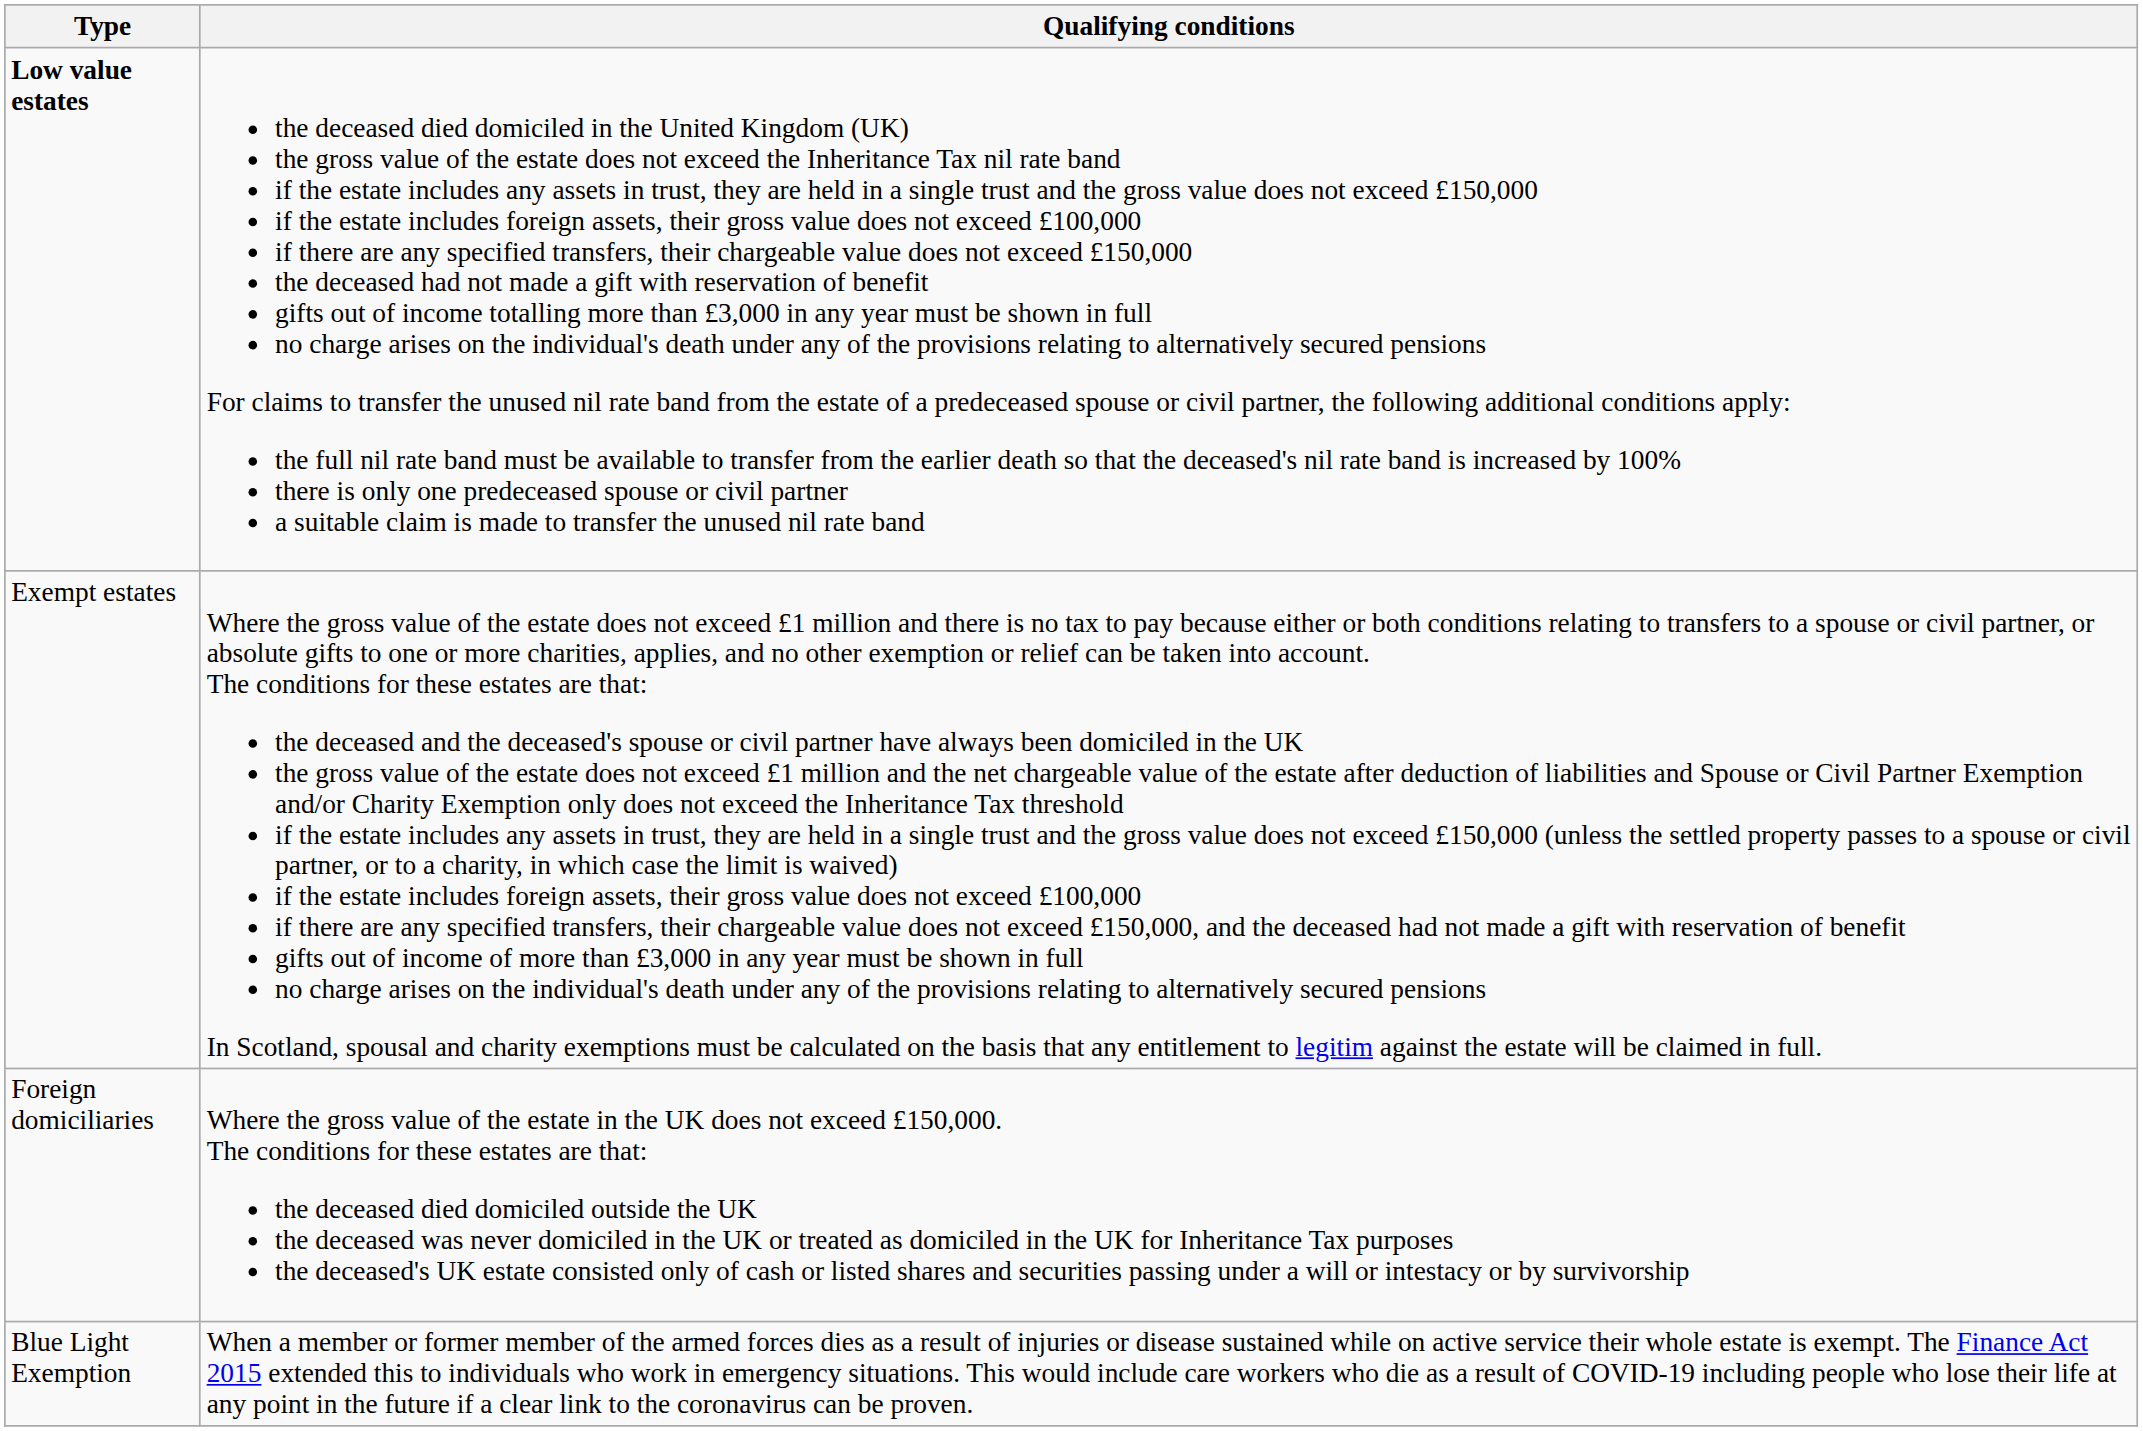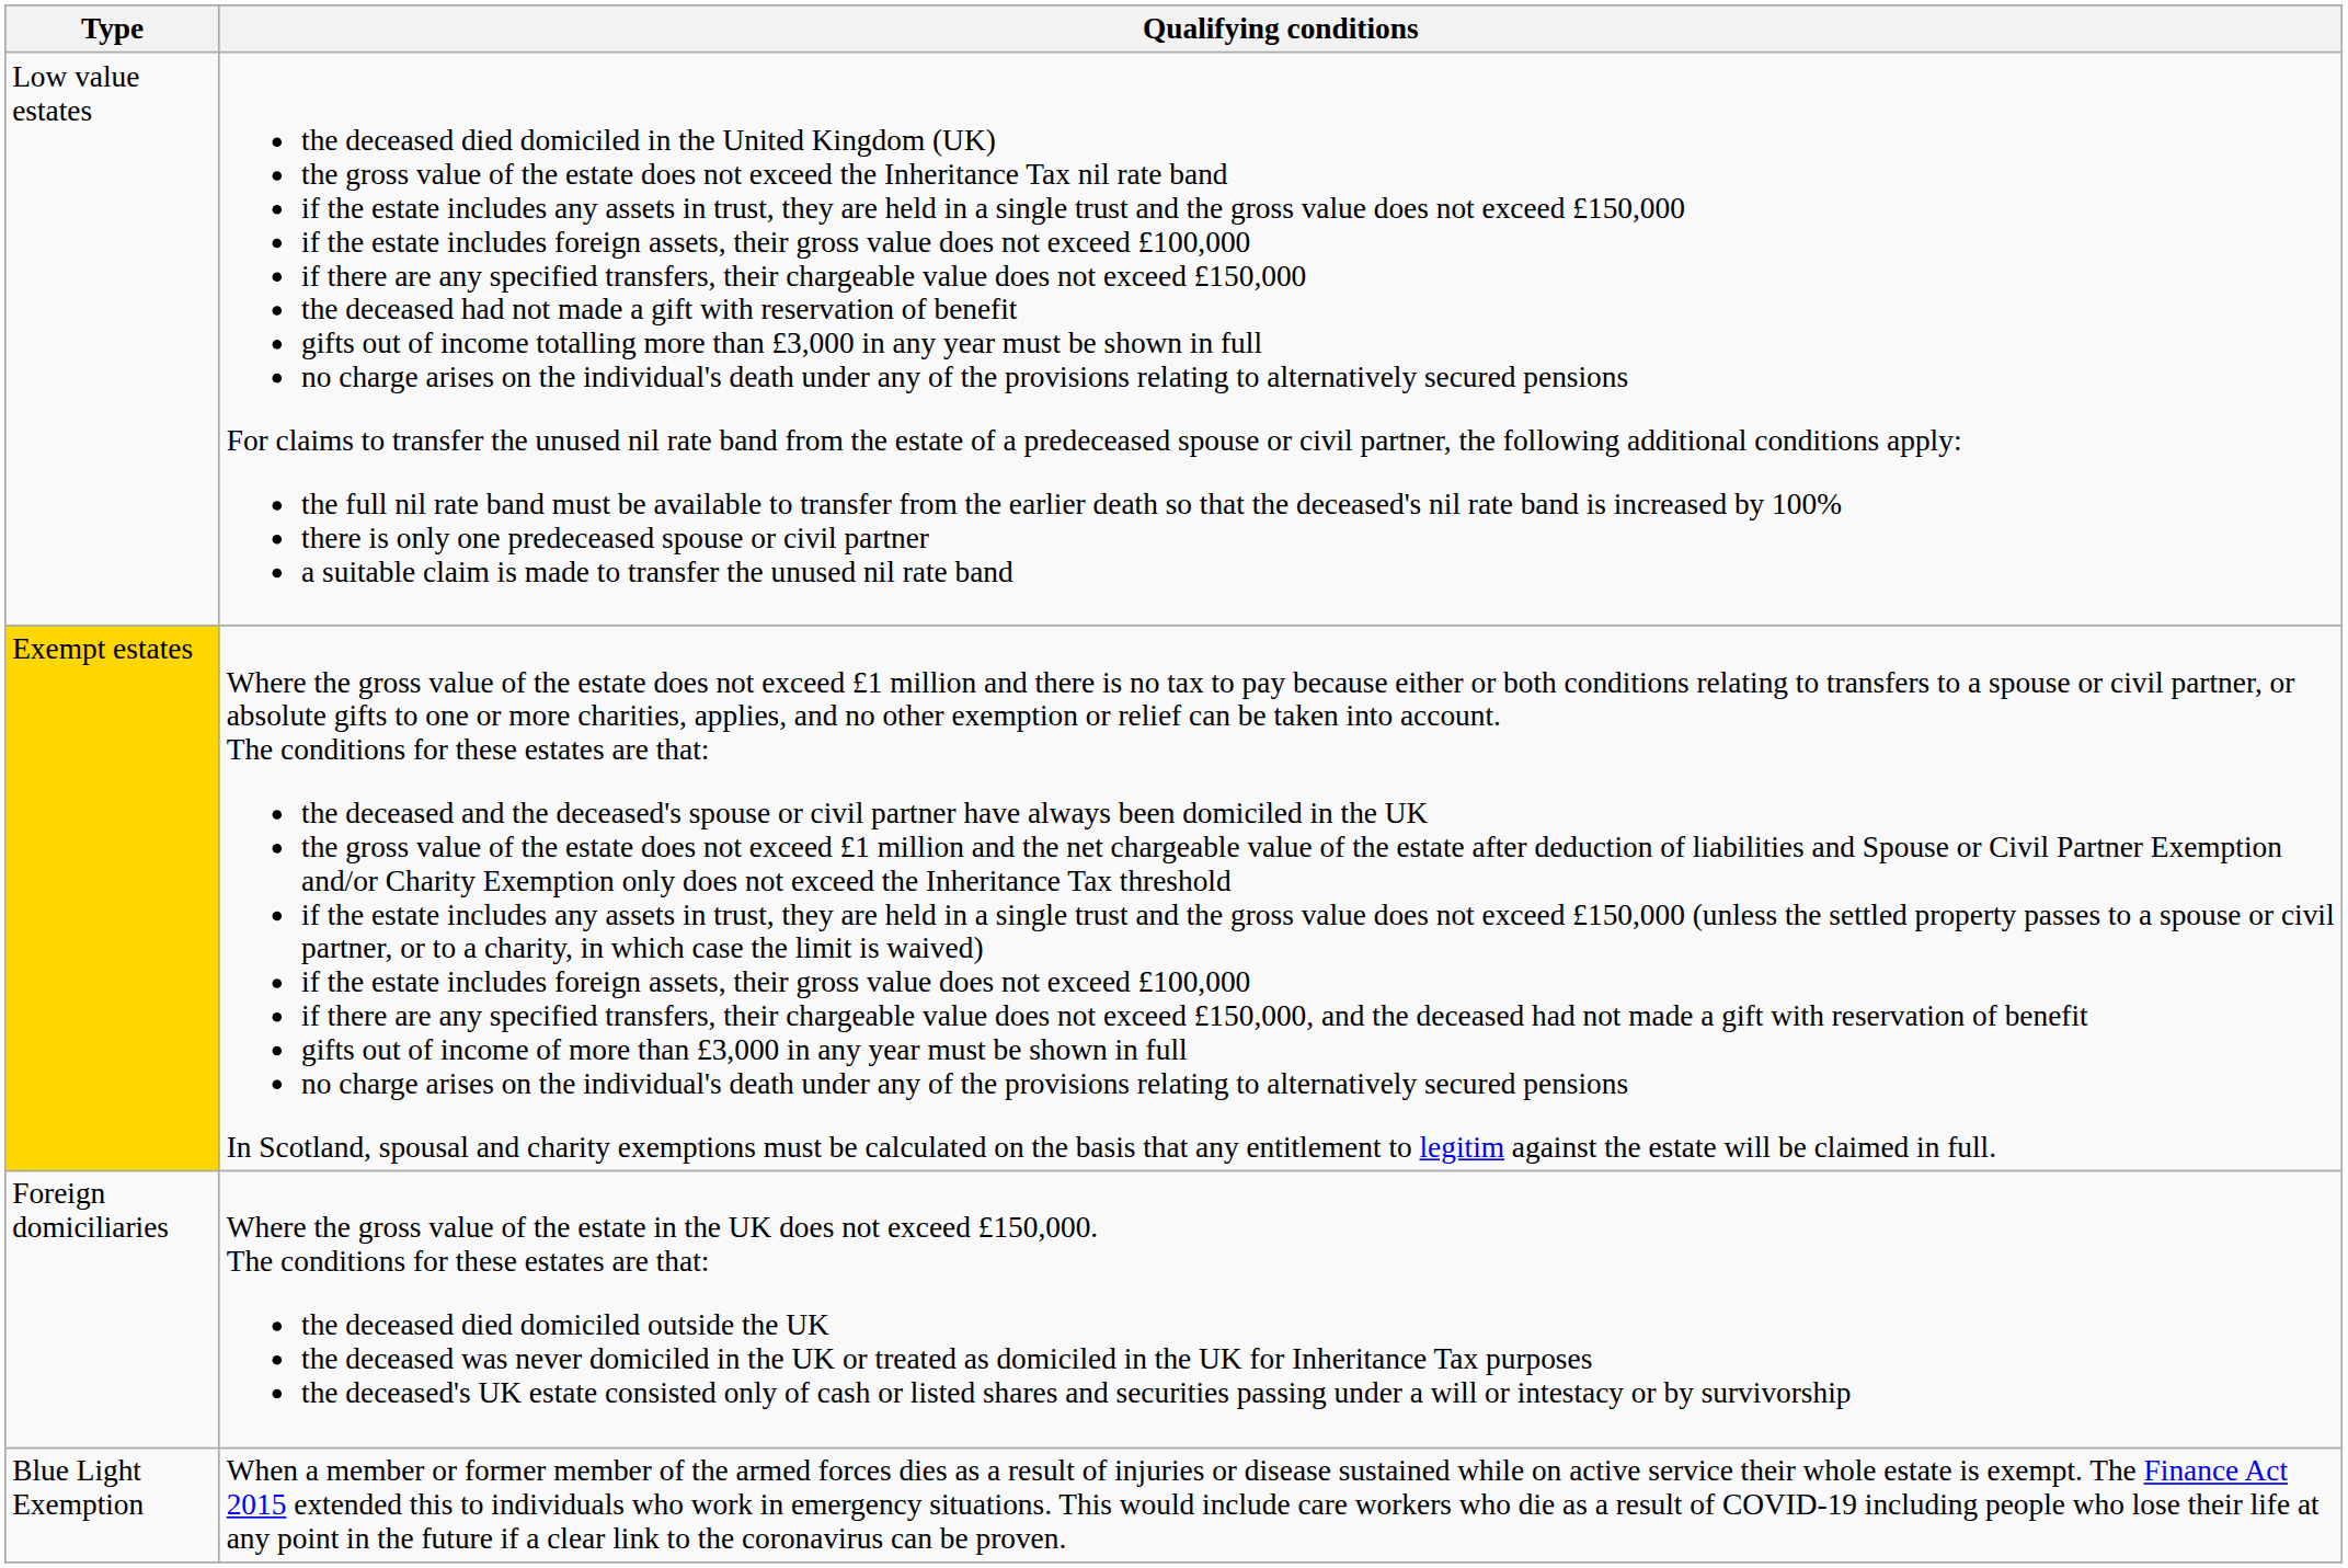 <table class="wikitable">
 <tr>
 <th>Type</th>
 <th>Qualifying conditions</th>
 </tr>
 <tr valign="top">
-<td><strong>Low value estates</strong></td>
+<td>Low value estates</td>
 <td><br><ul><li>the deceased died domiciled in the United Kingdom (UK)</li><li>the gross value of the estate does not exceed the Inheritance Tax nil rate band</li><li>if the estate includes any assets in trust, they are held in a single trust and the gross value does not exceed £150,000</li><li>if the estate includes foreign assets, their gross value does not exceed £100,000</li><li>if there are any specified transfers, their chargeable value does not exceed £150,000</li><li>the deceased had not made a gift with reservation of benefit</li><li>gifts out of income totalling more than £3,000 in any year must be shown in full</li><li>no charge arises on the individual's death under any of the provisions relating to alternatively secured pensions</li></ul>For claims to transfer the unused nil rate band from the estate of a predeceased spouse or civil partner, the following additional conditions apply:<ul><li>the full nil rate band must be available to transfer from the earlier death so that the deceased's nil rate band is increased by 100%</li><li>there is only one predeceased spouse or civil partner</li><li>a suitable claim is made to transfer the unused nil rate band</li></ul></td>
 </tr>
 <tr valign="top">
-<td>Exempt estates</td>
+<td style="background: gold;">Exempt estates</td>
 <td><br>Where the gross value of the estate does not exceed £1 million and there is no tax to pay because either or both conditions relating to transfers to a spouse or civil partner, or absolute gifts to one or more charities, applies, and no other exemption or relief can be taken into account.<br>The conditions for these estates are that:<ul><li>the deceased and the deceased's spouse or civil partner have always been domiciled in the UK</li><li>the gross value of the estate does not exceed £1 million and the net chargeable value of the estate after deduction of liabilities and Spouse or Civil Partner Exemption and/or Charity Exemption only does not exceed the Inheritance Tax threshold</li><li>if the estate includes any assets in trust, they are held in a single trust and the gross value does not exceed £150,000 (unless the settled property passes to a spouse or civil partner, or to a charity, in which case the limit is waived)</li><li>if the estate includes foreign assets, their gross value does not exceed £100,000</li><li>if there are any specified transfers, their chargeable value does not exceed £150,000, and the deceased had not made a gift with reservation of benefit</li><li>gifts out of income of more than £3,000 in any year must be shown in full</li><li>no charge arises on the individual's death under any of the provisions relating to alternatively secured pensions</li></ul>In Scotland, spousal and charity exemptions must be calculated on the basis that any entitlement to <a href='#'>legitim</a> against the estate will be claimed in full.</td>
 </tr>
 <tr valign="top">
 <td>Foreign domiciliaries</td>
 <td><br>Where the gross value of the estate in the UK does not exceed £150,000.<br>The conditions for these estates are that:<ul><li>the deceased died domiciled outside the UK</li><li>the deceased was never domiciled in the UK or treated as domiciled in the UK for Inheritance Tax purposes</li><li>the deceased's UK estate consisted only of cash or listed shares and securities passing under a will or intestacy or by survivorship</li></ul></td>
 </tr>
 <tr valign="top">
 <td>Blue Light Exemption</td>
 <td>When a member or former member of the armed forces dies as a result of injuries or disease sustained while on active service their whole estate is exempt.  The <a href='#'>Finance Act 2015</a> extended this to individuals who work in emergency situations. This would include care workers who die as a result of COVID-19 including people who lose their life at any point in the future if a clear link to the coronavirus can be proven.</td>
 </tr>
 </table>
